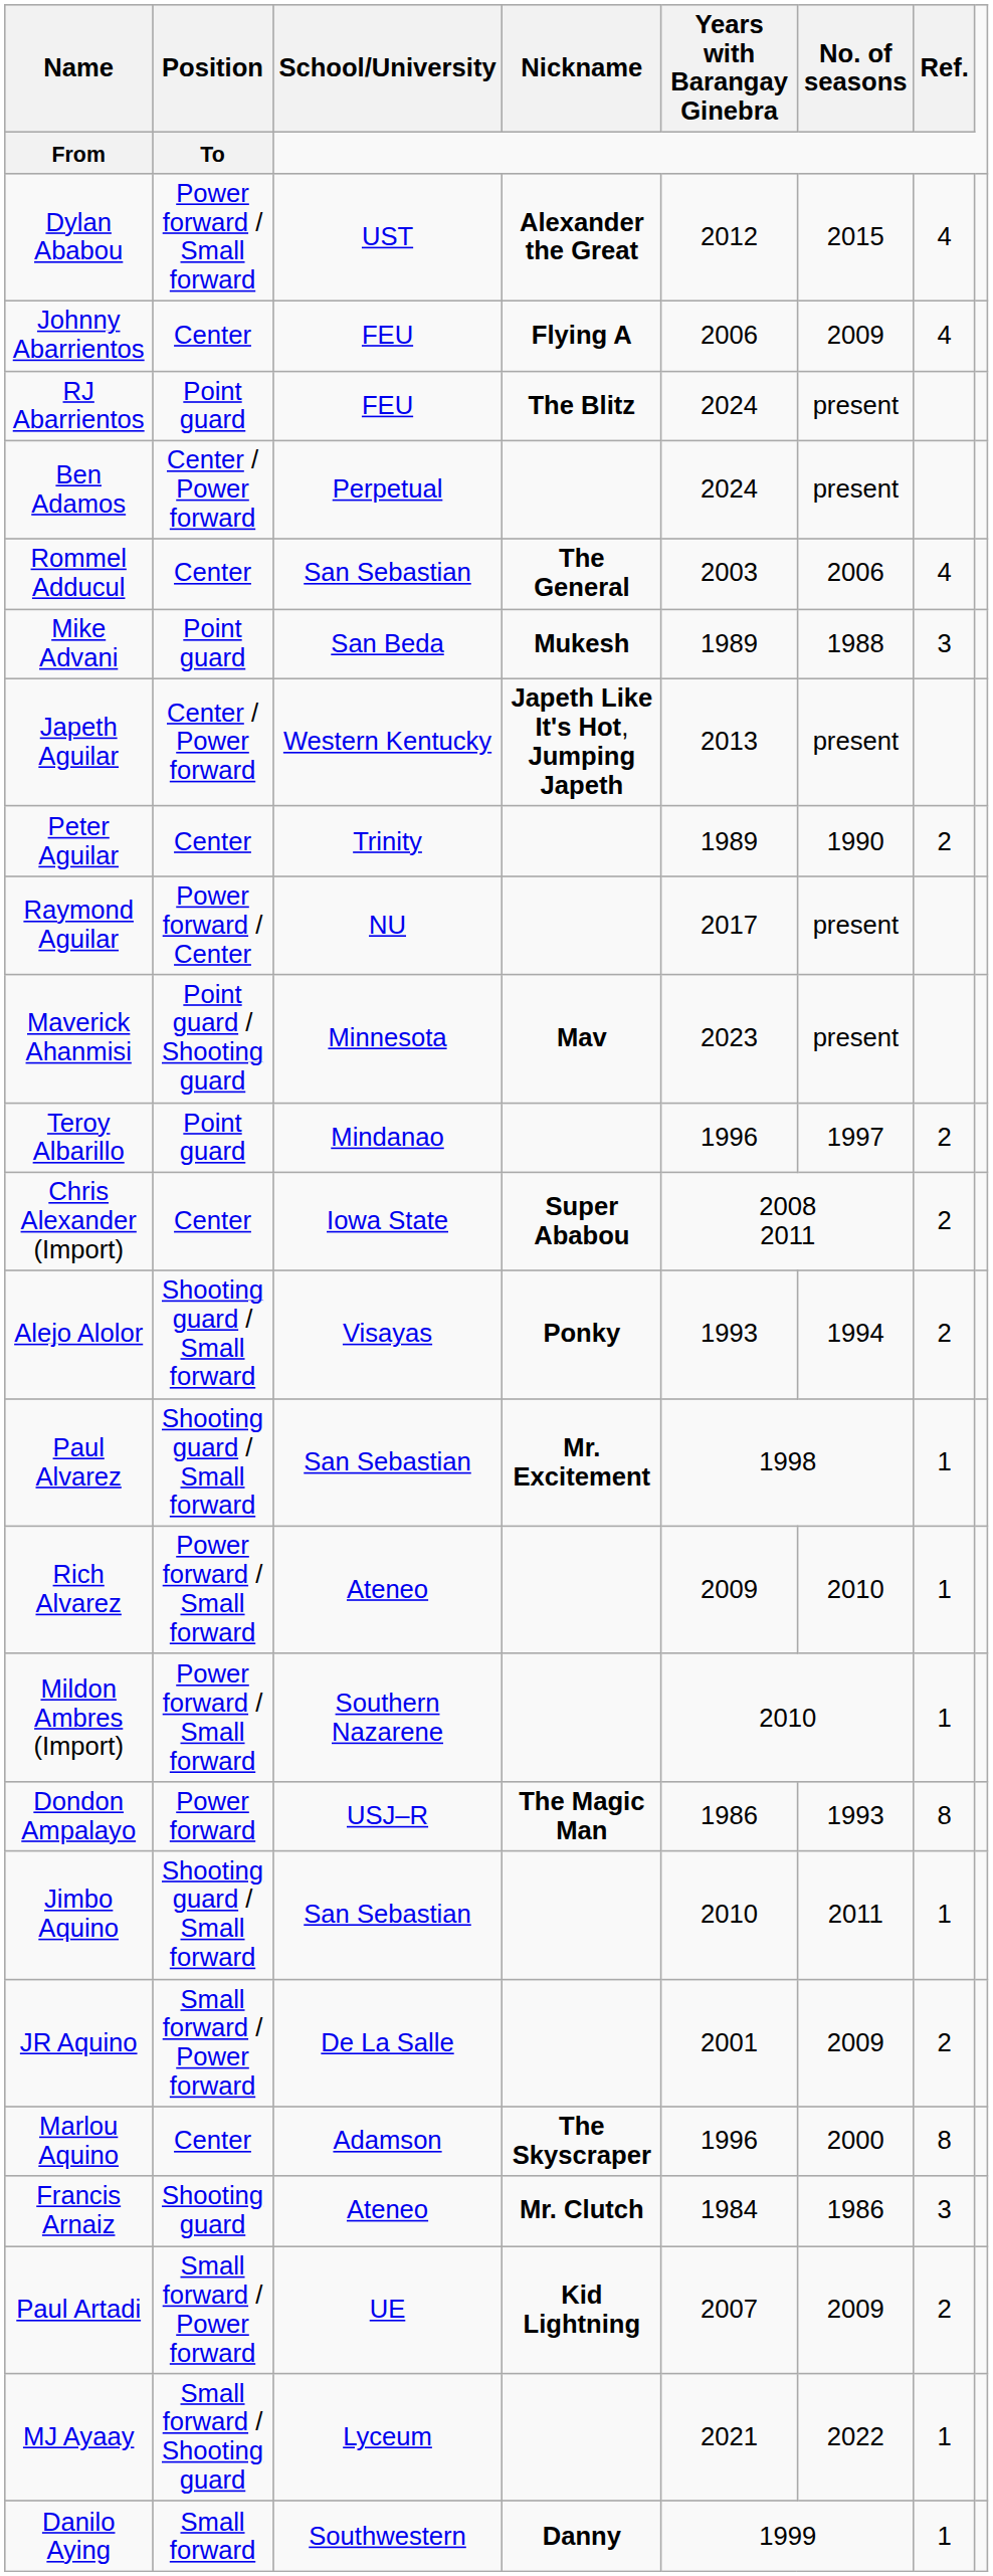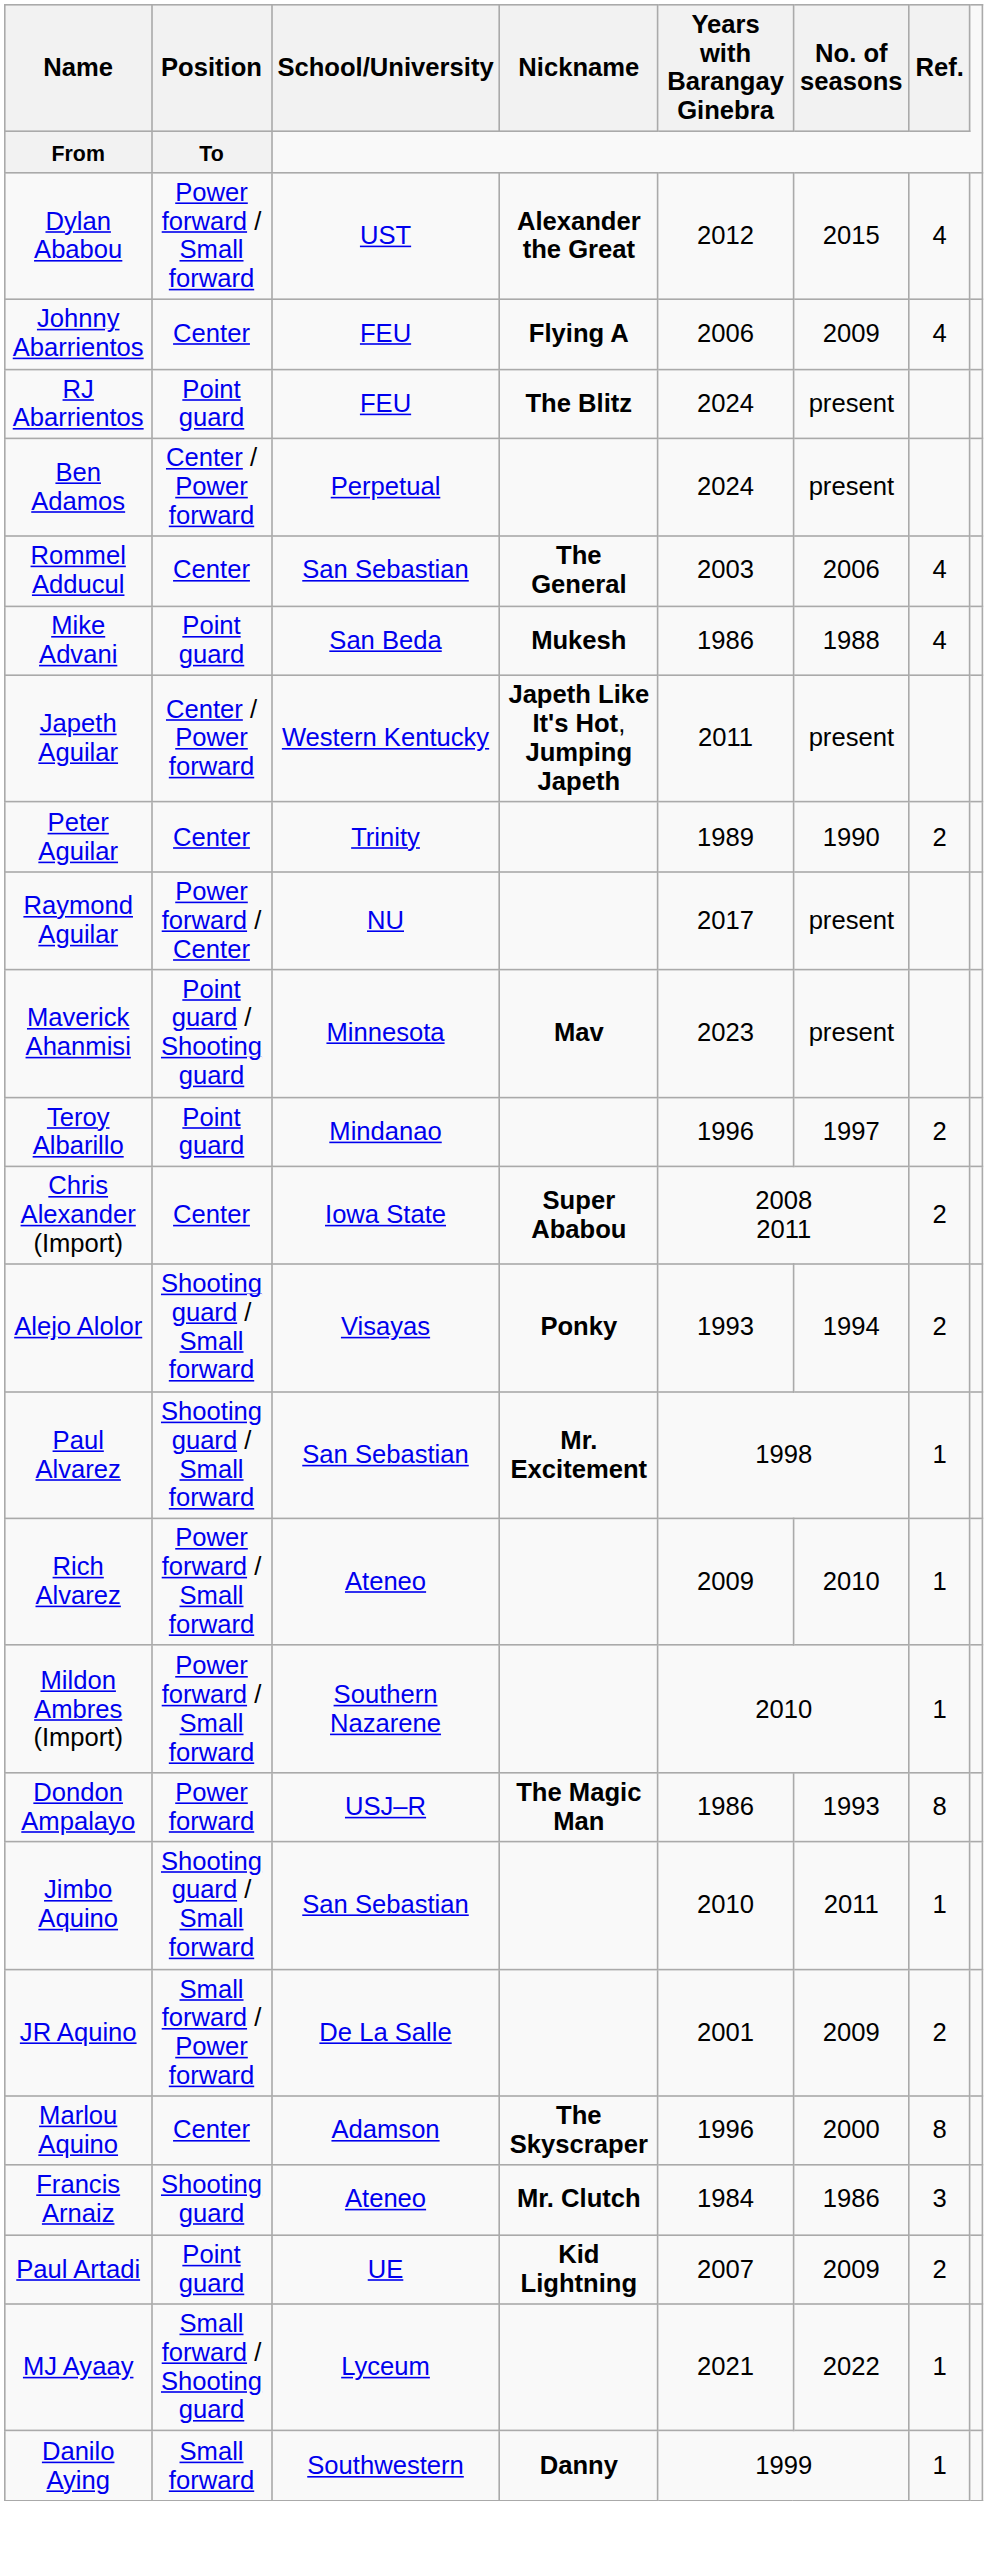 <table class="wikitable sortable" style="text-align:center" width="98%">
 <tr>
 <th>Name</th>
 <th>Position</th>
 <th>School/University</th>
 <th>Nickname</th>
 <th>Years with Barangay Ginebra</th>
 <th>No. of seasons</th>
 <th>Ref.</th>
 </tr>
 <tr>
 <th><small>From</small></th>
 <th><small>To</small></th>
 </tr>
 <tr>
 <td><a href='#'>Dylan Ababou</a></td>
 <td><a href='#'>Power forward</a> / <a href='#'>Small forward</a></td>
 <td><a href='#'>UST</a></td>
 <td><strong>Alexander the Great</strong></td>
 <td>2012</td>
 <td>2015</td>
 <td>4</td>
 <td></td>
 </tr>
 <tr>
 <td><a href='#'>Johnny Abarrientos</a></td>
 <td><a href='#'>Center</a></td>
 <td><a href='#'>FEU</a></td>
 <td><strong>Flying A</strong></td>
 <td>2006</td>
 <td>2009</td>
 <td>4</td>
 <td></td>
 </tr>
 <tr>
 <td><a href='#'>RJ Abarrientos</a></td>
 <td><a href='#'>Point guard</a></td>
 <td><a href='#'>FEU</a></td>
 <td><strong>The Blitz</strong></td>
 <td>2024</td>
 <td>present</td>
 <td></td>
 <td></td>
 </tr>
 <tr>
 <td><a href='#'>Ben Adamos</a></td>
 <td><a href='#'>Center</a> / <a href='#'>Power forward</a></td>
 <td><a href='#'>Perpetual</a></td>
 <td></td>
 <td>2024</td>
 <td>present</td>
 <td></td>
 </tr>
 <tr>
 <td><a href='#'>Rommel Adducul</a></td>
 <td><a href='#'>Center</a></td>
 <td><a href='#'>San Sebastian</a></td>
 <td><strong>The General</strong></td>
 <td>2003</td>
 <td>2006</td>
 <td>4</td>
 <td></td>
 </tr>
 <tr>
 <td><a href='#'>Mike Advani</a></td>
 <td><a href='#'>Point guard</a></td>
 <td><a href='#'>San Beda</a></td>
 <td><strong>Mukesh</strong></td>
-<td>1989</td>
+<td>1986</td>
 <td>1988</td>
-<td>3</td>
+<td>4</td>
 <td></td>
 </tr>
 <tr>
 <td><a href='#'>Japeth Aguilar</a></td>
 <td><a href='#'>Center</a> / <a href='#'>Power forward</a></td>
 <td><a href='#'>Western Kentucky</a></td>
 <td><strong>Japeth Like It's Hot</strong>, <strong>Jumping Japeth</strong></td>
-<td>2013</td>
+<td>2011</td>
 <td>present</td>
 <td></td>
 <td></td>
 </tr>
 <tr>
 <td><a href='#'>Peter Aguilar</a></td>
 <td><a href='#'>Center</a></td>
 <td><a href='#'>Trinity</a></td>
 <td></td>
 <td>1989</td>
 <td>1990</td>
 <td>2</td>
 <td></td>
 </tr>
 <tr>
 <td><a href='#'>Raymond Aguilar</a></td>
 <td><a href='#'>Power forward</a> / <a href='#'>Center</a></td>
 <td><a href='#'>NU</a></td>
 <td></td>
 <td>2017</td>
 <td>present</td>
 <td></td>
 <td></td>
 </tr>
 <tr>
 <td><a href='#'>Maverick Ahanmisi</a></td>
 <td><a href='#'>Point guard</a> / <a href='#'>Shooting guard</a></td>
 <td><a href='#'>Minnesota</a></td>
 <td><strong>Mav</strong></td>
 <td>2023</td>
 <td>present</td>
 <td></td>
 <td></td>
 </tr>
 <tr>
 <td><a href='#'>Teroy Albarillo</a></td>
 <td><a href='#'>Point guard</a></td>
 <td><a href='#'>Mindanao</a></td>
 <td></td>
 <td>1996</td>
 <td>1997</td>
 <td>2</td>
 <td></td>
 </tr>
 <tr>
 <td><a href='#'>Chris Alexander</a> (Import)</td>
 <td><a href='#'>Center</a></td>
 <td><a href='#'>Iowa State</a></td>
 <td><strong>Super Ababou</strong></td>
 <td colspan="2">2008<br>2011</td>
 <td>2</td>
 <td></td>
 </tr>
 <tr>
 <td><a href='#'>Alejo Alolor</a></td>
 <td><a href='#'>Shooting guard</a> / <a href='#'>Small forward</a></td>
 <td><a href='#'>Visayas</a></td>
 <td><strong>Ponky</strong></td>
 <td>1993</td>
 <td>1994</td>
 <td>2</td>
 <td></td>
 </tr>
 <tr>
 <td><a href='#'>Paul Alvarez</a></td>
 <td><a href='#'>Shooting guard</a> / <a href='#'>Small forward</a></td>
 <td><a href='#'>San Sebastian</a></td>
 <td><strong>Mr. Excitement</strong></td>
 <td colspan="2">1998</td>
 <td>1</td>
 <td></td>
 </tr>
 <tr>
 <td><a href='#'>Rich Alvarez</a></td>
 <td><a href='#'>Power forward</a> / <a href='#'>Small forward</a></td>
 <td><a href='#'>Ateneo</a></td>
 <td></td>
 <td>2009</td>
 <td>2010</td>
 <td>1</td>
 <td></td>
 </tr>
 <tr>
 <td><a href='#'>Mildon Ambres</a> (Import)</td>
 <td><a href='#'>Power forward</a> / <a href='#'>Small forward</a></td>
 <td><a href='#'>Southern Nazarene</a></td>
 <td></td>
 <td colspan="2">2010</td>
 <td>1</td>
 <td></td>
 </tr>
 <tr>
 <td><a href='#'>Dondon Ampalayo</a></td>
 <td><a href='#'>Power forward</a></td>
 <td><a href='#'>USJ–R</a></td>
 <td><strong>The Magic Man</strong></td>
 <td>1986</td>
 <td>1993</td>
 <td>8</td>
 <td></td>
 </tr>
 <tr>
 <td><a href='#'>Jimbo Aquino</a></td>
 <td><a href='#'>Shooting guard</a> / <a href='#'>Small forward</a></td>
 <td><a href='#'>San Sebastian</a></td>
 <td></td>
 <td>2010</td>
 <td>2011</td>
 <td>1</td>
 <td></td>
 </tr>
 <tr>
 <td><a href='#'>JR Aquino</a></td>
 <td><a href='#'>Small forward</a> / <a href='#'>Power forward</a></td>
 <td><a href='#'>De La Salle</a></td>
 <td></td>
 <td>2001</td>
 <td>2009</td>
 <td>2</td>
 <td></td>
 </tr>
 <tr>
 <td><a href='#'>Marlou Aquino</a></td>
 <td><a href='#'>Center</a></td>
 <td><a href='#'>Adamson</a></td>
 <td><strong>The Skyscraper</strong></td>
 <td>1996</td>
 <td>2000</td>
 <td>8</td>
 <td></td>
 </tr>
 <tr>
 <td><a href='#'>Francis Arnaiz</a></td>
 <td><a href='#'>Shooting guard</a></td>
 <td><a href='#'>Ateneo</a></td>
 <td><strong>Mr. Clutch</strong></td>
 <td>1984</td>
 <td>1986</td>
 <td>3</td>
 <td></td>
 </tr>
 <tr>
 <td><a href='#'>Paul Artadi</a></td>
-<td><a href='#'>Small forward</a> / <a href='#'>Power forward</a></td>
+<td><a href='#'>Point guard</a></td>
 <td><a href='#'>UE</a></td>
 <td><strong>Kid Lightning</strong></td>
 <td>2007</td>
 <td>2009</td>
 <td>2</td>
 <td></td>
 </tr>
 <tr>
 <td><a href='#'>MJ Ayaay</a></td>
 <td><a href='#'>Small forward</a> / <a href='#'>Shooting guard</a></td>
 <td><a href='#'>Lyceum</a></td>
 <td></td>
 <td>2021</td>
 <td>2022</td>
 <td>1</td>
 <td></td>
 </tr>
 <tr>
 <td><a href='#'>Danilo Aying</a></td>
 <td><a href='#'>Small forward</a></td>
 <td><a href='#'>Southwestern</a></td>
 <td><strong>Danny</strong></td>
 <td colspan="2">1999</td>
 <td>1</td>
 <td></td>
 </tr>
 </table>
